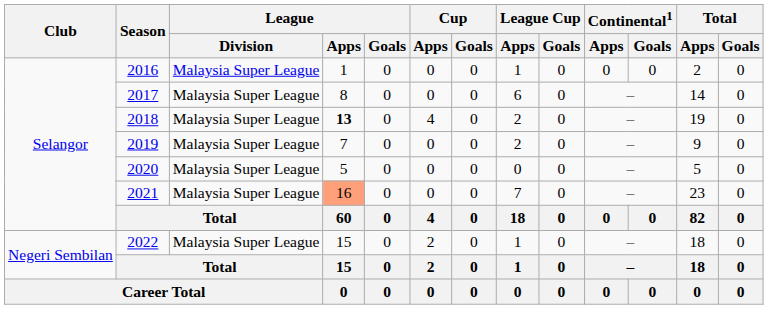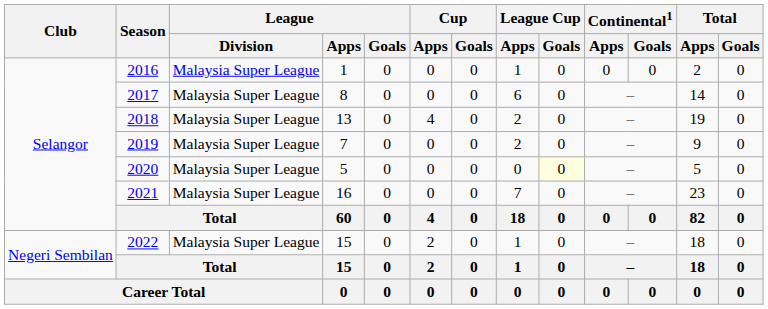 <table class=wikitable style="text-align:center">
 <tr>
 <th rowspan=2>Club</th>
 <th rowspan=2>Season</th>
 <th colspan=3>League</th>
 <th colspan=2>Cup</th>
 <th colspan=2>League Cup</th>
 <th colspan=2>Continental<sup>1</sup></th>
 <th colspan=2>Total</th>
 </tr>
 <tr>
 <th>Division</th>
 <th>Apps</th>
 <th>Goals</th>
 <th>Apps</th>
 <th>Goals</th>
 <th>Apps</th>
 <th>Goals</th>
 <th>Apps</th>
 <th>Goals</th>
 <th>Apps</th>
 <th>Goals</th>
 </tr>
 <tr>
 <td rowspan=7><a href='#'>Selangor</a></td>
 <td><a href='#'>2016</a></td>
 <td><a href='#'>Malaysia Super League</a></td>
 <td>1</td>
 <td>0</td>
 <td>0</td>
 <td>0</td>
 <td>1</td>
 <td>0</td>
 <td>0</td>
 <td>0</td>
 <td>2</td>
 <td>0</td>
 </tr>
 <tr>
 <td><a href='#'>2017</a></td>
 <td>Malaysia Super League</td>
 <td>8</td>
 <td>0</td>
 <td>0</td>
 <td>0</td>
 <td>6</td>
 <td>0</td>
 <td colspan=2>–</td>
 <td>14</td>
 <td>0</td>
 </tr>
 <tr>
 <td><a href='#'>2018</a></td>
 <td>Malaysia Super League</td>
-<td><strong>13</strong></td>
+<td>13</td>
 <td>0</td>
 <td>4</td>
 <td>0</td>
 <td>2</td>
 <td>0</td>
 <td colspan=2>–</td>
 <td>19</td>
 <td>0</td>
 </tr>
 <tr>
 <td><a href='#'>2019</a></td>
 <td>Malaysia Super League</td>
 <td>7</td>
 <td>0</td>
 <td>0</td>
 <td>0</td>
 <td>2</td>
 <td>0</td>
 <td colspan=2>–</td>
 <td>9</td>
 <td>0</td>
 </tr>
 <tr>
 <td><a href='#'>2020</a></td>
 <td>Malaysia Super League</td>
 <td>5</td>
 <td>0</td>
 <td>0</td>
 <td>0</td>
 <td>0</td>
-<td>0</td>
+<td style="background: lightyellow;">0</td>
 <td colspan=2>–</td>
 <td>5</td>
 <td>0</td>
 </tr>
 <tr>
 <td><a href='#'>2021</a></td>
 <td>Malaysia Super League</td>
-<td style="background: lightsalmon;">16</td>
+<td>16</td>
 <td>0</td>
 <td>0</td>
 <td>0</td>
 <td>7</td>
 <td>0</td>
 <td colspan=2>–</td>
 <td>23</td>
 <td>0</td>
 </tr>
 <tr>
 <th colspan="2">Total</th>
 <th>60</th>
 <th>0</th>
 <th>4</th>
 <th>0</th>
 <th>18</th>
 <th>0</th>
 <th>0</th>
 <th>0</th>
 <th>82</th>
 <th>0</th>
 </tr>
 <tr>
 <td rowspan=2><a href='#'>Negeri Sembilan</a></td>
 <td><a href='#'>2022</a></td>
 <td>Malaysia Super League</td>
 <td>15</td>
 <td>0</td>
 <td>2</td>
 <td>0</td>
 <td>1</td>
 <td>0</td>
 <td colspan=2>–</td>
 <td>18</td>
 <td>0</td>
 </tr>
 <tr>
 <th colspan="2">Total</th>
 <th>15</th>
 <th>0</th>
 <th>2</th>
 <th>0</th>
 <th>1</th>
 <th>0</th>
 <th colspan=2>–</th>
 <th>18</th>
 <th>0</th>
 </tr>
 <tr>
 <th colspan="3">Career Total</th>
 <th>0</th>
 <th>0</th>
 <th>0</th>
 <th>0</th>
 <th>0</th>
 <th>0</th>
 <th>0</th>
 <th>0</th>
 <th>0</th>
 <th>0</th>
 </tr>
 </table>
